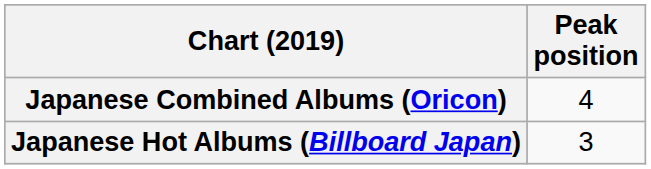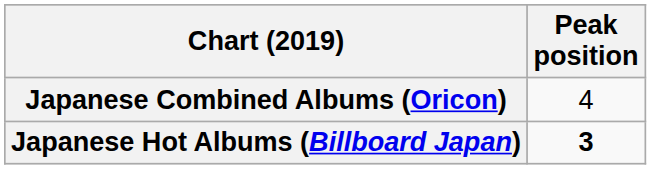 <table class="wikitable sortable plainrowheaders" style="text-align:center">
 <tr>
 <th scope="col">Chart (2019)</th>
 <th scope="col">Peak<br>position</th>
 </tr>
 <tr>
 <th scope="row">Japanese Combined Albums (<a href='#'>Oricon</a>)</th>
 <td>4</td>
 </tr>
 <tr>
 <th scope="row">Japanese Hot Albums (<em><a href='#'>Billboard Japan</a></em>)</th>
-<td>3</td>
+<td><strong>3</strong></td>
 </tr>
 </table>
